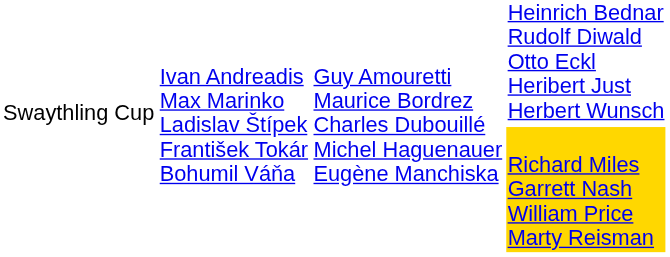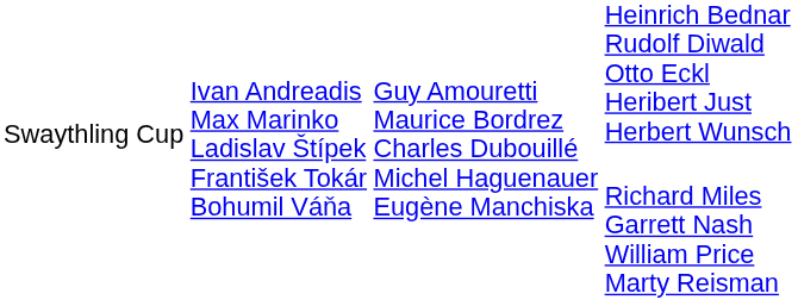 <table>
 <tr>
 <td rowspan=2>Swaythling Cup</td>
 <td rowspan=2><br><a href='#'>Ivan Andreadis</a><br><a href='#'>Max Marinko</a><br><a href='#'>Ladislav Štípek</a><br><a href='#'>František Tokár</a><br><a href='#'>Bohumil Váňa</a></td>
 <td rowspan=2><br><a href='#'>Guy Amouretti</a><br><a href='#'>Maurice Bordrez</a><br><a href='#'>Charles Dubouillé</a><br><a href='#'>Michel Haguenauer</a><br><a href='#'>Eugène Manchiska</a></td>
 <td><br><a href='#'>Heinrich Bednar</a><br><a href='#'>Rudolf Diwald</a><br><a href='#'>Otto Eckl</a><br><a href='#'>Heribert Just</a><br><a href='#'>Herbert Wunsch</a></td>
 </tr>
 <tr>
-<td style="background: gold;"><br><a href='#'>Richard Miles</a><br><a href='#'>Garrett Nash</a><br><a href='#'>William Price</a><br><a href='#'>Marty Reisman</a></td>
+<td><br><a href='#'>Richard Miles</a><br><a href='#'>Garrett Nash</a><br><a href='#'>William Price</a><br><a href='#'>Marty Reisman</a></td>
 </tr>
 <tr>
 </tr>
 </table>
